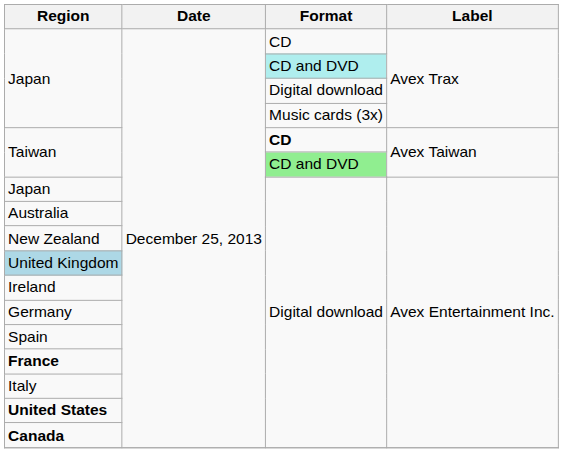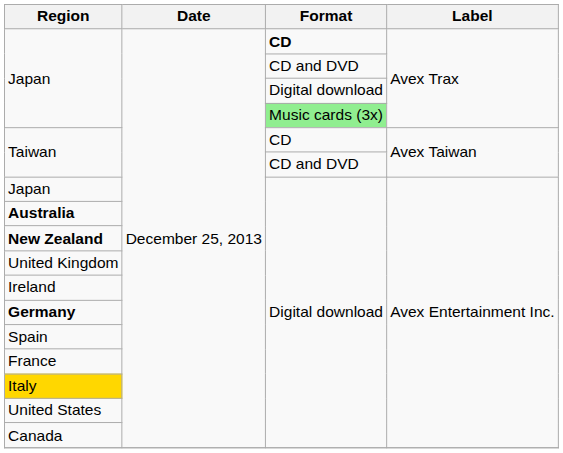 <table class="wikitable plainrowheaders">
 <tr>
 <th scope="row">Region</th>
 <th scope="col">Date</th>
 <th scope="col">Format</th>
 <th scope="col">Label</th>
 </tr>
 <tr>
 <td rowspan="4">Japan</td>
 <td rowspan="18">December 25, 2013</td>
-<td>CD</td>
+<td><strong>CD</strong></td>
 <td rowspan="4">Avex Trax</td>
 </tr>
 <tr>
-<td style="background: paleturquoise;">CD and DVD</td>
+<td>CD and DVD</td>
 </tr>
 <tr>
 <td>Digital download</td>
 </tr>
 <tr>
-<td>Music cards (3x)</td>
+<td style="background: lightgreen;">Music cards (3x)</td>
 </tr>
 <tr>
 <td rowspan="3">Taiwan</td>
-<td><strong>CD</strong></td>
+<td>CD</td>
 <td rowspan="3">Avex Taiwan</td>
 </tr>
 <tr>
-<td style="background: lightgreen;">CD and DVD</td>
+<td>CD and DVD</td>
 </tr>
 <tr>
 <td rowspan="12">Digital download</td>
 </tr>
 <tr>
 <td>Japan</td>
 <td rowspan="11">Avex Entertainment Inc.</td>
 </tr>
 <tr>
-<td>Australia</td>
+<td><strong>Australia</strong></td>
 </tr>
 <tr>
-<td>New Zealand</td>
+<td><strong>New Zealand</strong></td>
 </tr>
 <tr>
-<td style="background: lightblue;">United Kingdom</td>
+<td>United Kingdom</td>
 </tr>
 <tr>
 <td>Ireland</td>
 </tr>
 <tr>
-<td>Germany</td>
+<td><strong>Germany</strong></td>
 </tr>
 <tr>
 <td>Spain</td>
 </tr>
 <tr>
-<td><strong>France</strong></td>
+<td>France</td>
 </tr>
 <tr>
-<td>Italy</td>
+<td style="background: gold;">Italy</td>
 </tr>
 <tr>
-<td><strong>United States</strong></td>
+<td>United States</td>
 </tr>
 <tr>
-<td><strong>Canada</strong></td>
+<td>Canada</td>
 </tr>
 <tr>
 </tr>
 </table>
